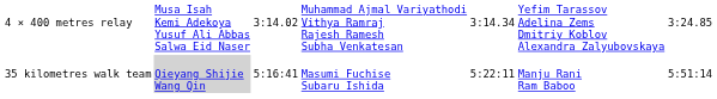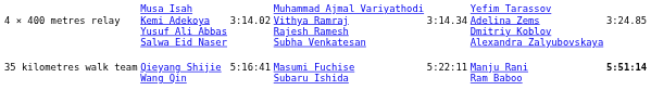 <table>
 <tr>
 <td>4 × 400 metres relay<br></td>
 <td><br><a href='#'>Musa Isah</a><br><a href='#'>Kemi Adekoya</a><br><a href='#'>Yusuf Ali Abbas</a><br><a href='#'>Salwa Eid Naser</a></td>
 <td>3:14.02 </td>
 <td><br><a href='#'>Muhammad Ajmal Variyathodi</a><br><a href='#'>Vithya Ramraj</a><br><a href='#'>Rajesh Ramesh</a><br><a href='#'>Subha Venkatesan</a></td>
 <td>3:14.34 </td>
 <td><br><a href='#'>Yefim Tarassov</a><br><a href='#'>Adelina Zems</a><br><a href='#'>Dmitriy Koblov</a><br><a href='#'>Alexandra Zalyubovskaya</a></td>
 <td>3:24.85</td>
 </tr>
 <tr>
 <td>35 kilometres walk team<br></td>
-<td valign=top style="background: lightgrey;"><br><a href='#'>Qieyang Shijie</a><br><a href='#'>Wang Qin</a></td>
+<td valign=top><br><a href='#'>Qieyang Shijie</a><br><a href='#'>Wang Qin</a></td>
 <td>5:16:41<br></td>
 <td valign=top><br><a href='#'>Masumi Fuchise</a><br><a href='#'>Subaru Ishida</a></td>
 <td>5:22:11</td>
 <td valign=top><br><a href='#'>Manju Rani</a><br><a href='#'>Ram Baboo</a></td>
-<td>5:51:14</td>
+<td><strong>5:51:14</strong></td>
 </tr>
 </table>
